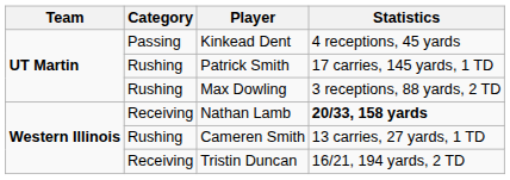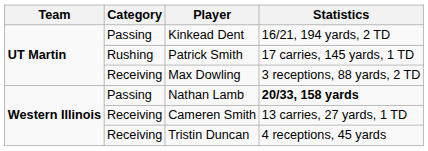 <table class="wikitable" style="float: right;">
 <tr>
 <th>Team</th>
 <th>Category</th>
 <th>Player</th>
 <th>Statistics</th>
 </tr>
 <tr>
 <td rowspan=3><strong>UT Martin</strong></td>
 <td>Passing</td>
 <td>Kinkead Dent</td>
-<td>4 receptions, 45 yards</td>
+<td>16/21, 194 yards, 2 TD</td>
 </tr>
 <tr>
 <td>Rushing</td>
 <td>Patrick Smith</td>
 <td>17 carries, 145 yards, 1 TD</td>
 </tr>
 <tr>
-<td>Rushing</td>
+<td>Receiving</td>
 <td>Max Dowling</td>
 <td>3 receptions, 88 yards, 2 TD</td>
 </tr>
 <tr>
 <td rowspan=3><strong>Western Illinois</strong></td>
-<td>Receiving</td>
+<td>Passing</td>
 <td>Nathan Lamb</td>
 <td><strong>20/33, 158 yards</strong></td>
 </tr>
 <tr>
-<td>Rushing</td>
+<td>Receiving</td>
 <td>Cameren Smith</td>
 <td>13 carries, 27 yards, 1 TD</td>
 </tr>
 <tr>
 <td>Receiving</td>
 <td>Tristin Duncan</td>
-<td>16/21, 194 yards, 2 TD</td>
+<td>4 receptions, 45 yards</td>
 </tr>
 </table>
